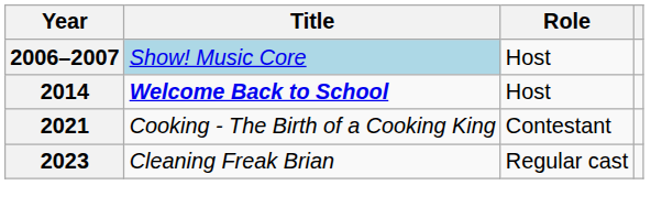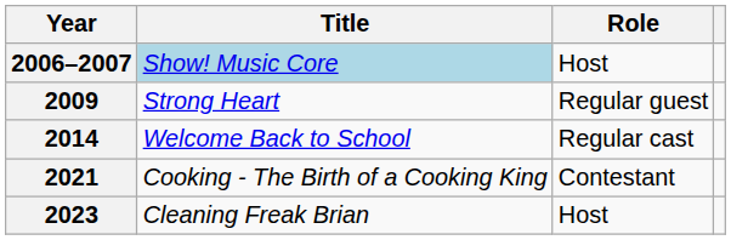 <table class="wikitable sortable plainrowheaders">
 <tr>
 <th scope="col">Year</th>
 <th scope="col">Title</th>
 <th scope="col">Role</th>
 <th class="unsortable" scope="col"></th>
 </tr>
 <tr>
 <th scope="row">2006–2007</th>
 <td style="background: lightblue;"><em><a href='#'>Show! Music Core</a></em></td>
 <td>Host</td>
 <td></td>
 </tr>
 <tr>
+<th scope="row">2009</th>
+<td><em><a href='#'>Strong Heart</a></em></td>
+<td>Regular guest</td>
+<td></td>
+</tr>
+<tr>
 <th scope="row">2014</th>
-<td><strong><em><a href='#'>Welcome Back to School</a></em></strong></td>
-<td>Host</td>
+<td><em><a href='#'>Welcome Back to School</a></em></td>
+<td>Regular cast</td>
 <td></td>
 </tr>
 <tr>
 <th scope="row">2021</th>
 <td><em>Cooking - The Birth of a Cooking King</em></td>
 <td>Contestant</td>
 <td></td>
 </tr>
 <tr>
 <th scope="row">2023</th>
 <td><em>Cleaning Freak Brian</em></td>
-<td>Regular cast</td>
+<td>Host</td>
 <td></td>
 </tr>
 </table>
